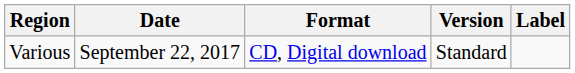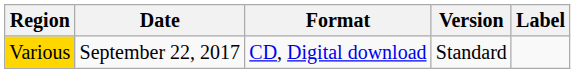 <table class="wikitable sortable">
 <tr>
 <th>Region</th>
 <th>Date</th>
 <th>Format</th>
 <th>Version</th>
 <th>Label</th>
 </tr>
 <tr>
-<td>Various</td>
+<td style="background: gold;">Various</td>
 <td rowspan="2">September 22, 2017</td>
 <td rowspan="2"><a href='#'>CD</a>, <a href='#'>Digital download</a></td>
 <td rowspan="2">Standard</td>
 <td rowspan ="2"></td>
 </tr>
 </table>
